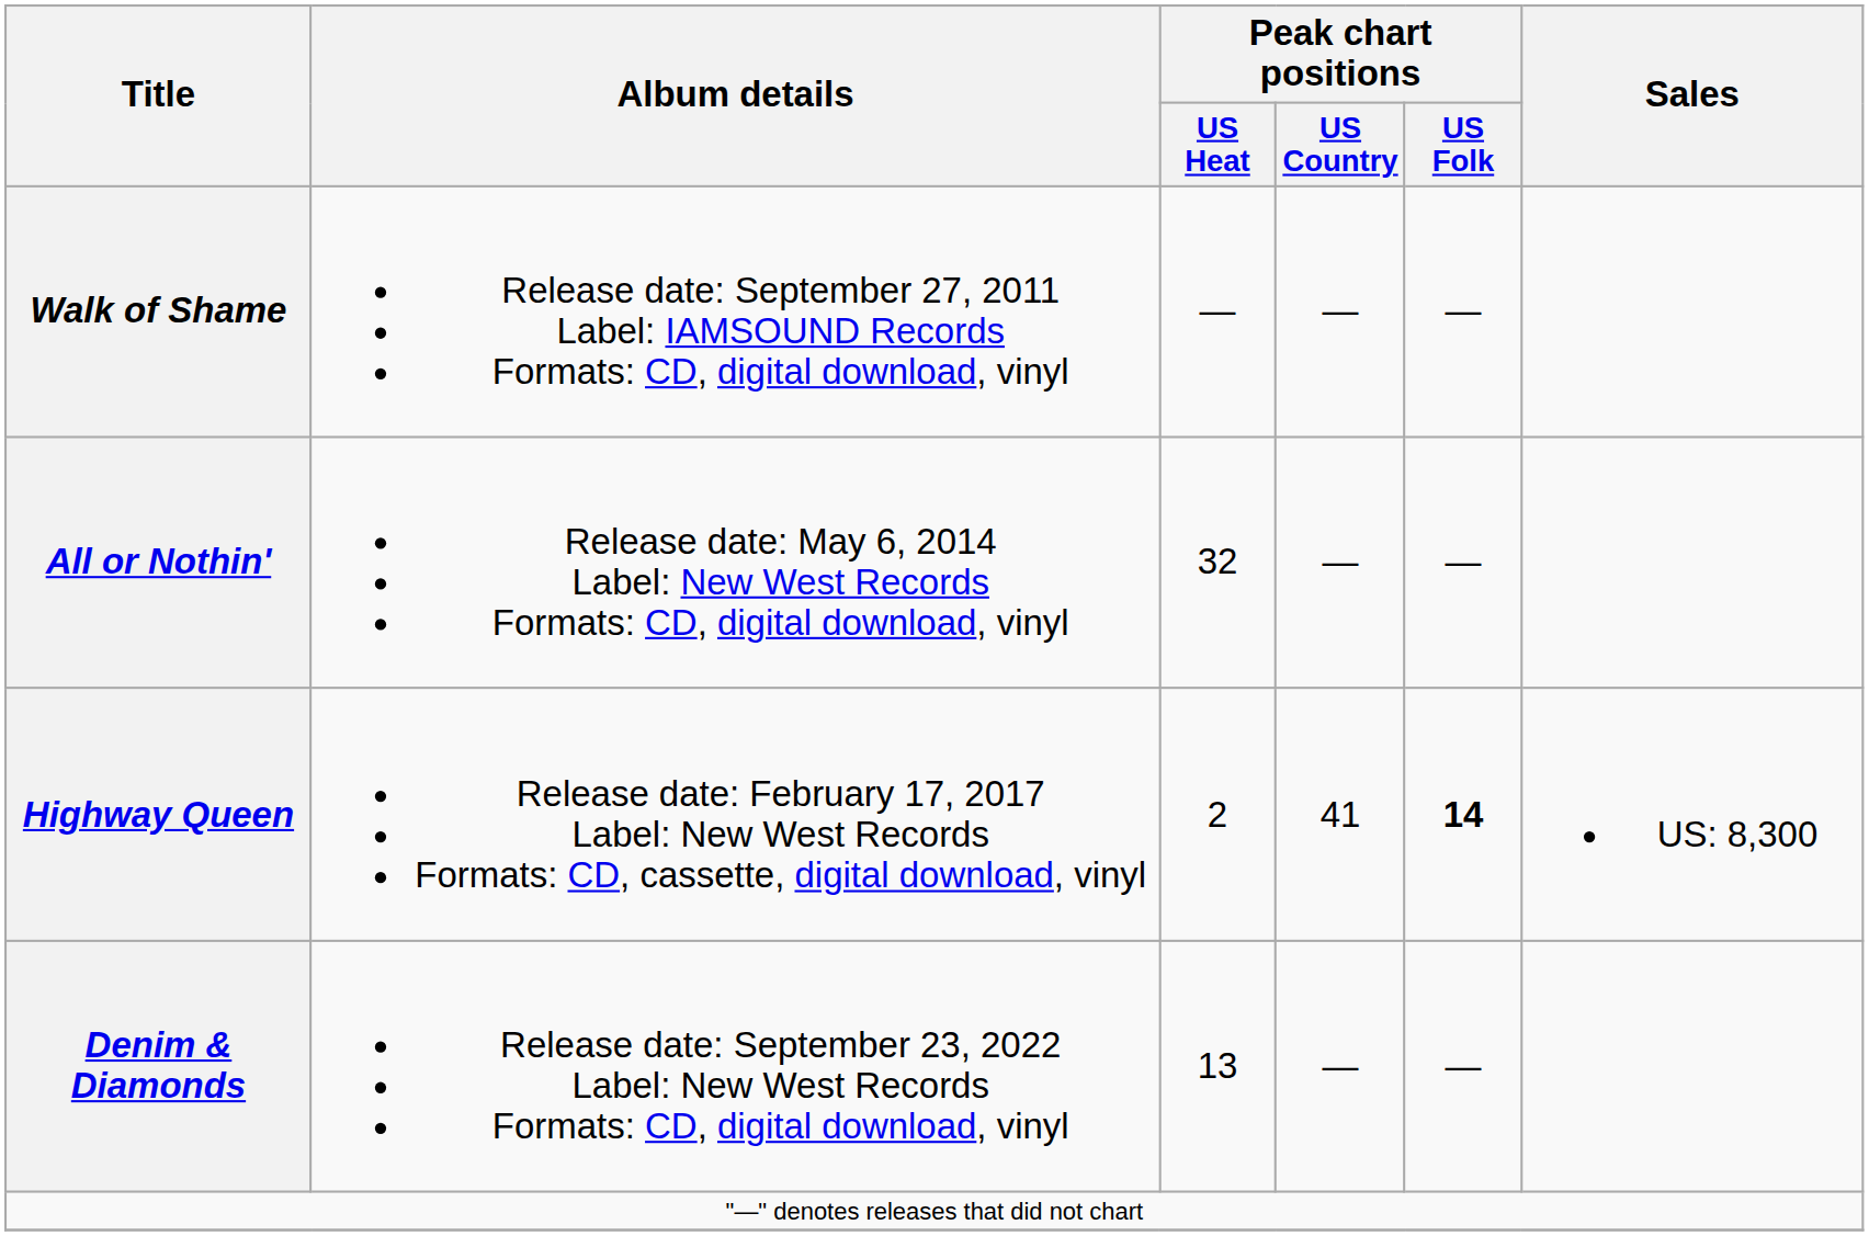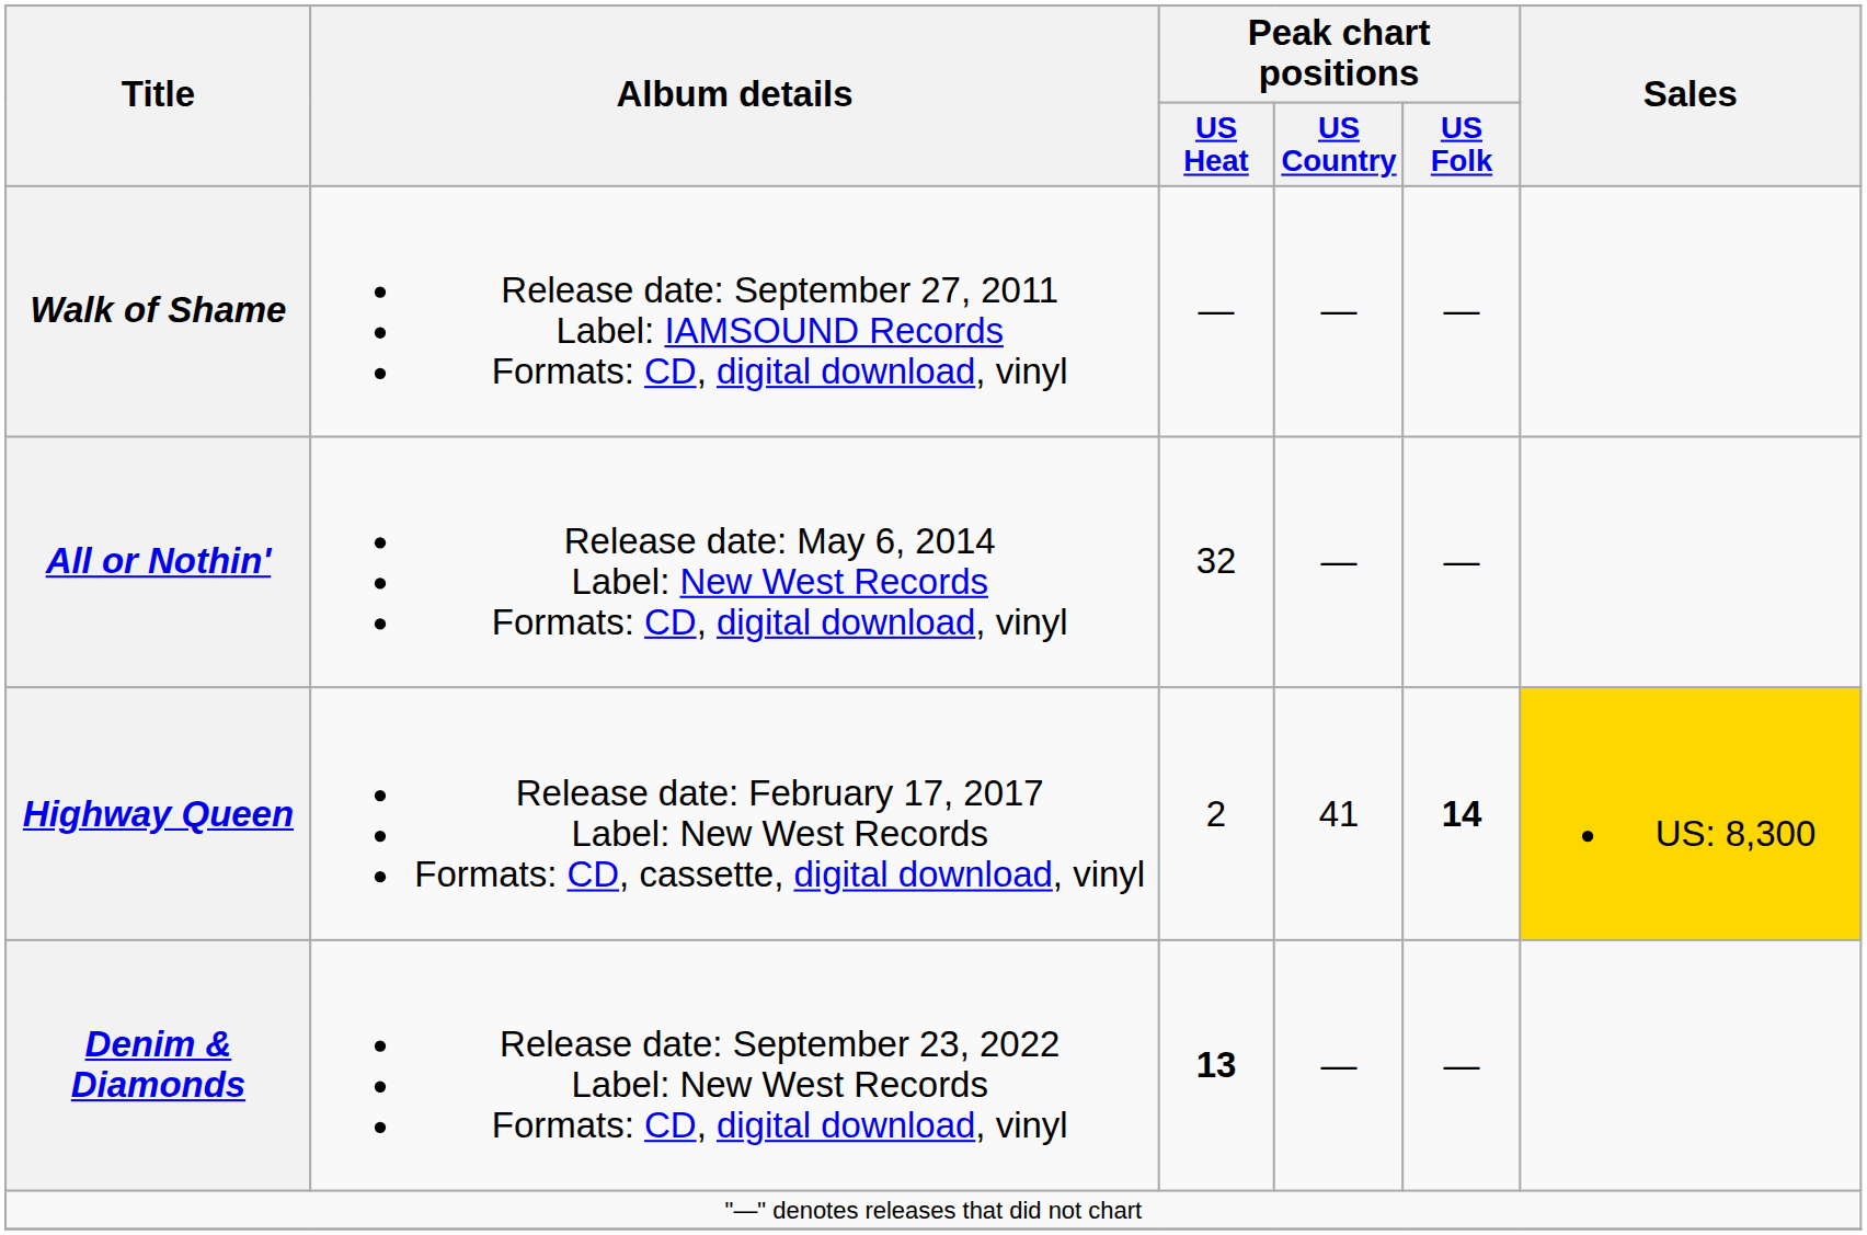 <table class="wikitable plainrowheaders" style="text-align:center;">
 <tr>
 <th rowspan="2" style="width:8em;">Title</th>
 <th rowspan="2" style="width:23em;">Album details</th>
 <th colspan="3">Peak chart positions</th>
 <th rowspan="2" style="width:9em;">Sales</th>
 </tr>
 <tr style="font-size:smaller;">
 <th width="45"><a href='#'>US <br>Heat</a><br></th>
 <th width="45"><a href='#'>US <br>Country</a><br></th>
 <th width="45"><a href='#'>US <br>Folk</a><br></th>
 </tr>
 <tr>
 <th scope="row"><em>Walk of Shame</em></th>
 <td><br><ul><li>Release date: September 27, 2011</li><li>Label: <a href='#'>IAMSOUND Records</a></li><li>Formats: <a href='#'>CD</a>, <a href='#'>digital download</a>, vinyl</li></ul></td>
 <td>—</td>
 <td>—</td>
 <td>—</td>
 <td></td>
 </tr>
 <tr>
 <th scope="row"><em><a href='#'>All or Nothin'</a></em></th>
 <td><br><ul><li>Release date: May 6, 2014</li><li>Label: <a href='#'>New West Records</a></li><li>Formats: <a href='#'>CD</a>, <a href='#'>digital download</a>, vinyl</li></ul></td>
 <td>32</td>
 <td>—</td>
 <td>—</td>
 <td></td>
 </tr>
 <tr>
 <th scope="row"><em><a href='#'>Highway Queen</a></em></th>
 <td><br><ul><li>Release date: February 17, 2017</li><li>Label: New West Records</li><li>Formats: <a href='#'>CD</a>, cassette, <a href='#'>digital download</a>, vinyl</li></ul></td>
 <td>2</td>
 <td>41</td>
 <td><strong>14</strong></td>
-<td><br><ul><li>US: 8,300</li></ul></td>
+<td style="background: gold;"><br><ul><li>US: 8,300</li></ul></td>
 </tr>
 <tr>
 <th scope="row"><em><a href='#'>Denim & Diamonds</a></em></th>
 <td><br><ul><li>Release date: September 23, 2022</li><li>Label: New West Records</li><li>Formats: <a href='#'>CD</a>, <a href='#'>digital download</a>, vinyl</li></ul></td>
-<td>13</td>
+<td><strong>13</strong></td>
 <td>—</td>
 <td>—</td>
 <td></td>
 </tr>
 <tr>
 <td colspan="9" style="font-size:8pt">"—" denotes releases that did not chart</td>
 </tr>
 <tr>
 </tr>
 </table>
